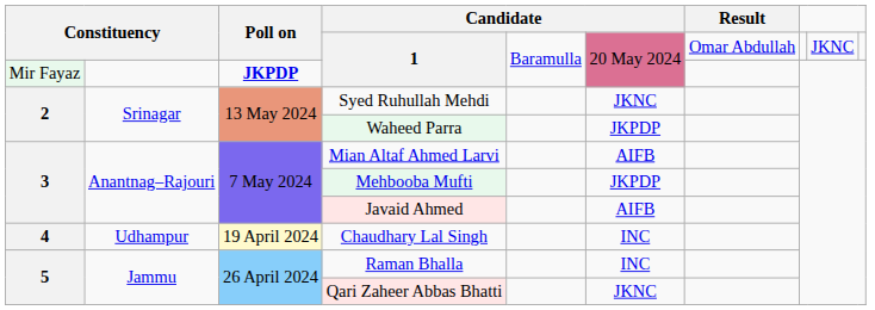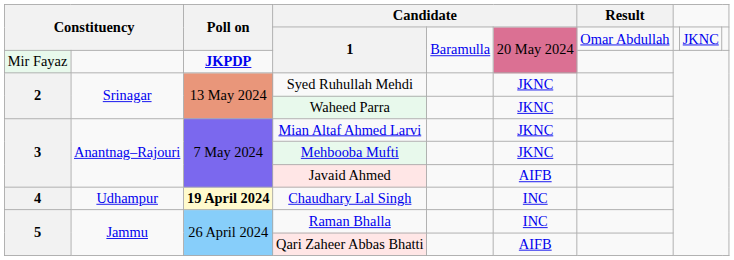 <table class="wikitable sortable" style="text-align:center;">
 <tr>
 <th colspan="2" rowspan="2">Constituency</th>
 <th rowspan="2">Poll on</th>
 <th colspan="3">Candidate</th>
 <th>Result</th>
 </tr>
 <tr>
 <th rowspan="2">1</th>
 <td rowspan="2"><a href='#'>Baramulla</a></td>
 <td rowspan="2" bgcolor=#DB7093>20 May 2024</td>
 <td><a href='#'>Omar Abdullah</a></td>
 <td></td>
 <td><a href='#'>JKNC</a></td>
 <td></td>
 </tr>
 <tr>
 <td style="background:#e8f9ec">Mir Fayaz</td>
 <td></td>
 <td><strong><a href='#'>JKPDP</a></strong></td>
 <td></td>
 </tr>
 <tr>
 <th rowspan="2">2</th>
 <td rowspan="2"><a href='#'>Srinagar</a></td>
 <td rowspan="2" bgcolor=#E9967A>13 May 2024</td>
 <td>Syed Ruhullah Mehdi</td>
 <td></td>
 <td><a href='#'>JKNC</a></td>
 <td></td>
 </tr>
 <tr>
 <td style="background:#e8f9ec">Waheed Parra</td>
 <td></td>
-<td><a href='#'>JKPDP</a></td>
+<td><a href='#'>JKNC</a></td>
 <td></td>
 </tr>
 <tr>
 <th rowspan="3">3</th>
 <td rowspan="3"><a href='#'>Anantnag–Rajouri</a></td>
 <td rowspan="3" bgcolor="#7B68EE">7 May 2024</td>
 <td><a href='#'>Mian Altaf Ahmed Larvi</a></td>
 <td></td>
-<td><a href='#'>AIFB</a></td>
+<td><a href='#'>JKNC</a></td>
 <td></td>
 </tr>
 <tr>
 <td style="background:#e8f9ec"><a href='#'>Mehbooba Mufti</a></td>
 <td></td>
-<td><a href='#'>JKPDP</a></td>
+<td><a href='#'>JKNC</a></td>
 <td></td>
 </tr>
 <tr>
 <td style="background:#FFE6E6">Javaid Ahmed</td>
 <td></td>
 <td><a href='#'>AIFB</a></td>
 <td></td>
 </tr>
 <tr>
 <th>4</th>
 <td><a href='#'>Udhampur</a></td>
-<td bgcolor=#FFFACD>19 April 2024</td>
+<td bgcolor=#FFFACD><strong>19 April 2024</strong></td>
 <td><a href='#'>Chaudhary Lal Singh</a></td>
 <td></td>
 <td><a href='#'>INC</a></td>
 <td></td>
 </tr>
 <tr>
 <th rowspan="2">5</th>
 <td rowspan="2"><a href='#'>Jammu</a></td>
 <td rowspan="2" bgcolor=#87CEFA>26 April 2024</td>
 <td><a href='#'>Raman Bhalla</a></td>
 <td></td>
 <td><a href='#'>INC</a></td>
 <td></td>
 </tr>
 <tr>
 <td style="background:#FFE6E6">Qari Zaheer Abbas Bhatti</td>
 <td></td>
-<td><a href='#'>JKNC</a></td>
+<td><a href='#'>AIFB</a></td>
 <td></td>
 </tr>
 </table>
